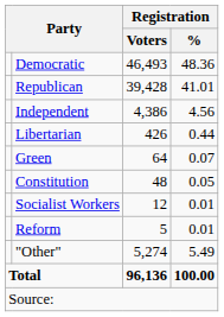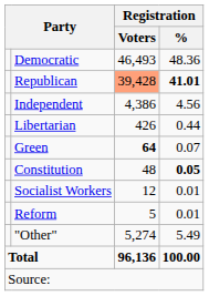 <table class="wikitable">
 <tr>
 <th colspan="2" rowspan="2">Party</th>
 <th colspan="2">Registration</th>
 </tr>
 <tr>
 <th>Voters</th>
 <th>%</th>
 </tr>
 <tr>
 <td style="background-color:"></td>
 <td><a href='#'>Democratic</a></td>
 <td style="text-align:right;">46,493</td>
 <td style="text-align:right;">48.36</td>
 </tr>
 <tr>
 <td style="background-color:"></td>
 <td><a href='#'>Republican</a></td>
-<td style="text-align:right;">39,428</td>
-<td style="text-align:right;">41.01</td>
+<td style="background: lightsalmon; text-align:right;">39,428</td>
+<td style="text-align:right;"><strong>41.01</strong></td>
 </tr>
 <tr>
 <td style="background-color:"></td>
 <td><a href='#'>Independent</a></td>
 <td style="text-align:right;">4,386</td>
 <td style="text-align:right;">4.56</td>
 </tr>
 <tr>
 <td style="background-color:"></td>
 <td><a href='#'>Libertarian</a></td>
 <td style="text-align:right;">426</td>
 <td style="text-align:right;">0.44</td>
 </tr>
 <tr>
 <td style="background-color:"></td>
 <td><a href='#'>Green</a></td>
-<td style="text-align:right;">64</td>
+<td style="text-align:right;"><strong>64</strong></td>
 <td style="text-align:right;">0.07</td>
 </tr>
 <tr>
 <td style="background-color:"></td>
 <td><a href='#'>Constitution</a></td>
 <td style="text-align:right;">48</td>
-<td style="text-align:right;">0.05</td>
+<td style="text-align:right;"><strong>0.05</strong></td>
 </tr>
 <tr>
 <td style="background-color:"></td>
 <td><a href='#'>Socialist Workers</a></td>
 <td style="text-align:right;">12</td>
 <td style="text-align:right;">0.01</td>
 </tr>
 <tr>
 <td style="background-color:"></td>
 <td><a href='#'>Reform</a></td>
 <td style="text-align:right;">5</td>
 <td style="text-align:right;">0.01</td>
 </tr>
 <tr>
 <td></td>
 <td>"Other"</td>
 <td style="text-align:right;">5,274</td>
 <td style="text-align:right;">5.49</td>
 </tr>
 <tr>
 <td colspan="2"><strong>Total</strong></td>
 <td style="text-align:right;"><strong>96,136</strong></td>
 <td style="text-align:right;"><strong>100.00</strong></td>
 </tr>
 <tr>
 <td colspan="4">Source: <em></em></td>
 </tr>
 </table>
